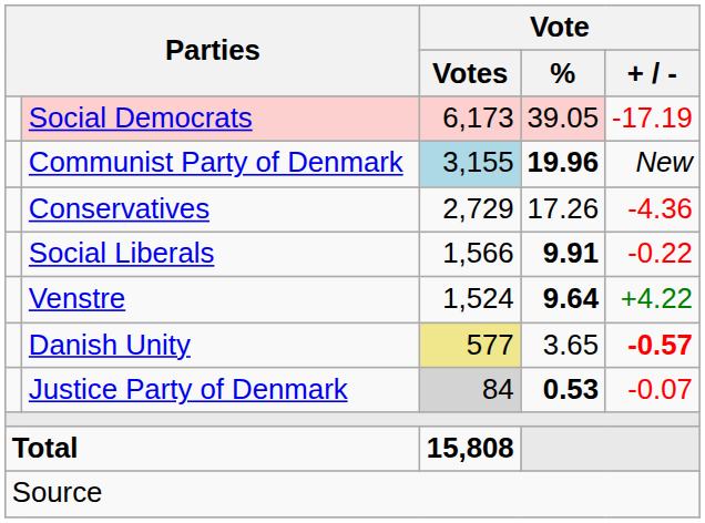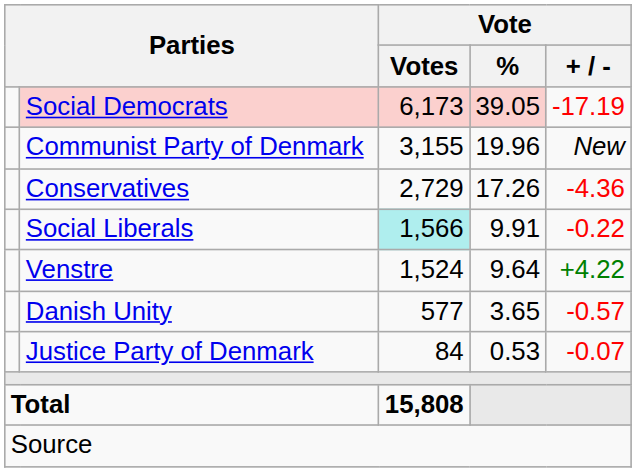 <table class="wikitable" style="text-align:right;">
 <tr>
 <th style="text-align:centre;" rowspan="2" colspan="2" width="225">Parties</th>
 <th colspan="3">Vote</th>
 </tr>
 <tr>
 <th width="15">Votes</th>
 <th width="15">%</th>
 <th width="15">+ / -</th>
 </tr>
 <tr>
 <td width="2" style="color:inherit;background:"></td>
 <td bgcolor=#fbd0ce  align="left"><a href='#'>Social Democrats</a></td>
 <td bgcolor=#fbd0ce>6,173</td>
 <td bgcolor=#fbd0ce>39.05</td>
 <td style=color:red;>-17.19</td>
 </tr>
 <tr>
 <td width="2" style="color:inherit;background:"></td>
 <td align="left"><a href='#'>Communist Party of Denmark</a></td>
-<td style="background: lightblue;">3,155</td>
-<td><strong>19.96</strong></td>
+<td>3,155</td>
+<td>19.96</td>
 <td><em>New</em></td>
 </tr>
 <tr>
 <td width="2" style="color:inherit;background:"></td>
 <td align="left"><a href='#'>Conservatives</a></td>
 <td>2,729</td>
 <td>17.26</td>
 <td style=color:red;>-4.36</td>
 </tr>
 <tr>
 <td width="2" style="color:inherit;background:"></td>
 <td align="left"><a href='#'>Social Liberals</a></td>
-<td>1,566</td>
-<td><strong>9.91</strong></td>
+<td style="background: paleturquoise;">1,566</td>
+<td>9.91</td>
 <td style=color:red;>-0.22</td>
 </tr>
 <tr>
 <td width="2" style="color:inherit;background:"></td>
 <td align="left"><a href='#'>Venstre</a></td>
 <td>1,524</td>
-<td><strong>9.64</strong></td>
+<td>9.64</td>
 <td style=color:green;>+4.22</td>
 </tr>
 <tr>
 <td width="2" style="color:inherit;background:"></td>
 <td align="left"><a href='#'>Danish Unity</a></td>
-<td style="background: khaki;">577</td>
+<td>577</td>
 <td>3.65</td>
-<td style=color:red;><strong>-0.57</strong></td>
+<td style=color:red;>-0.57</td>
 </tr>
 <tr>
 <td width="2" style="color:inherit;background:"></td>
 <td align="left"><a href='#'>Justice Party of Denmark</a></td>
-<td style="background: lightgrey;">84</td>
-<td><strong>0.53</strong></td>
+<td>84</td>
+<td>0.53</td>
 <td style=color:red;>-0.07</td>
 </tr>
 <tr>
 <td colspan="7" bgcolor="#E9E9E9"></td>
 </tr>
 <tr>
 <td align="left" colspan="2"><strong>Total</strong></td>
 <td><strong>15,808</strong></td>
 <td bgcolor="#E9E9E9" colspan="2"></td>
 </tr>
 <tr>
 <td align="left" colspan="6">Source</td>
 </tr>
 </table>
